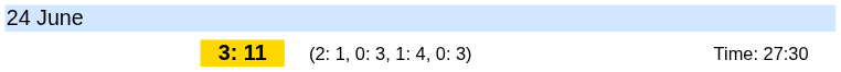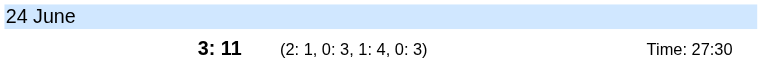 <table style="text-align:center">
 <tr style="text-align:left; background:#d0e7ff;">
 <td colspan=6>24 June</td>
 </tr>
 <tr style="font-size:90%; vertical-align:top;">
 <th width=140></th>
 <th width=60></th>
 <th width=150></th>
 <th width=140></th>
 <th width=100></th>
 </tr>
 <tr>
 <td align=right></td>
-<td style="background: gold;"><strong>3: 11</strong></td>
+<td><strong>3: 11</strong></td>
 <td><small>(2: 1, 0: 3, 1: 4, 0: 3)</small></td>
 <td align=left><strong></strong></td>
 <td><small>Time: 27:30</small></td>
 <td></td>
 </tr>
 </table>
